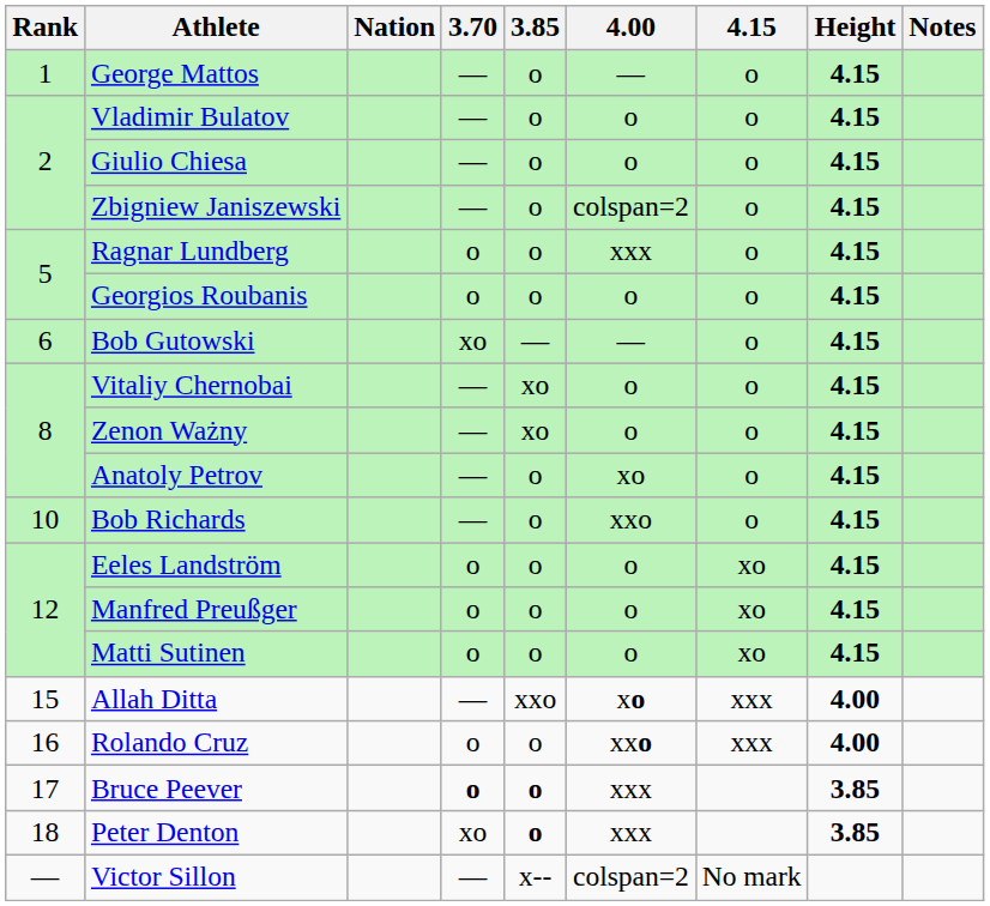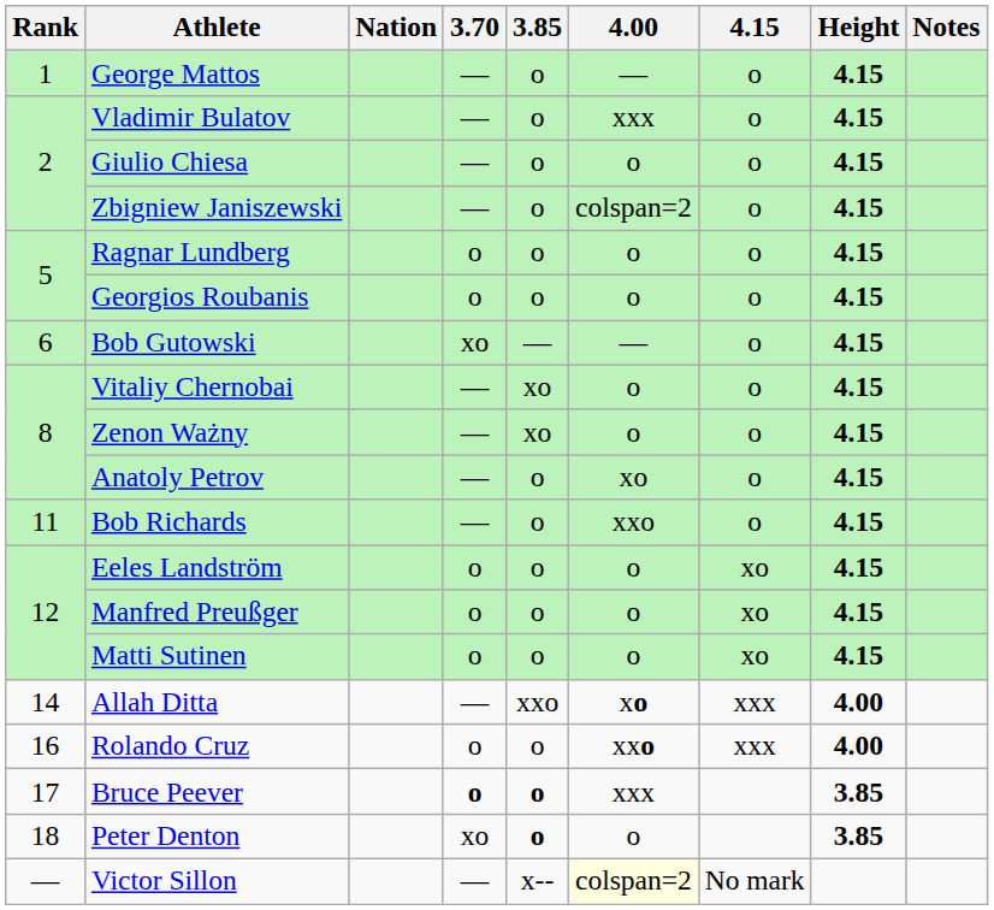 <table class="wikitable sortable" style="text-align:center">
 <tr>
 <th>Rank</th>
 <th>Athlete</th>
 <th>Nation</th>
 <th>3.70</th>
 <th>3.85</th>
 <th>4.00</th>
 <th>4.15</th>
 <th>Height</th>
 <th>Notes</th>
 </tr>
 <tr bgcolor=bbf3bb>
 <td>1</td>
 <td align=left><a href='#'>George Mattos</a></td>
 <td align=left></td>
 <td>—</td>
 <td>o</td>
 <td>—</td>
 <td>o</td>
 <td><strong>4.15</strong></td>
 <td></td>
 </tr>
 <tr bgcolor=bbf3bb>
 <td rowspan=3>2</td>
 <td align=left><a href='#'>Vladimir Bulatov</a></td>
 <td align=left></td>
 <td>—</td>
 <td>o</td>
-<td>o</td>
+<td>xxx</td>
 <td>o</td>
 <td><strong>4.15</strong></td>
 <td></td>
 </tr>
 <tr bgcolor=bbf3bb>
 <td align=left><a href='#'>Giulio Chiesa</a></td>
 <td align=left></td>
 <td>—</td>
 <td>o</td>
 <td>o</td>
 <td>o</td>
 <td><strong>4.15</strong></td>
 <td></td>
 </tr>
 <tr bgcolor=bbf3bb>
 <td align=left><a href='#'>Zbigniew Janiszewski</a></td>
 <td align=left></td>
 <td>—</td>
 <td>o</td>
 <td>colspan=2 </td>
 <td>o</td>
 <td><strong>4.15</strong></td>
 <td></td>
 </tr>
 <tr bgcolor=bbf3bb>
 <td rowspan=2>5</td>
 <td align=left><a href='#'>Ragnar Lundberg</a></td>
 <td align=left></td>
 <td>o</td>
 <td>o</td>
-<td>xxx</td>
+<td>o</td>
 <td>o</td>
 <td><strong>4.15</strong></td>
 <td></td>
 </tr>
 <tr bgcolor=bbf3bb>
 <td align=left><a href='#'>Georgios Roubanis</a></td>
 <td align=left></td>
 <td>o</td>
 <td>o</td>
 <td>o</td>
 <td>o</td>
 <td><strong>4.15</strong></td>
 <td></td>
 </tr>
 <tr bgcolor=bbf3bb>
 <td>6</td>
 <td align=left><a href='#'>Bob Gutowski</a></td>
 <td align=left></td>
 <td>xo</td>
 <td>—</td>
 <td>—</td>
 <td>o</td>
 <td><strong>4.15</strong></td>
 <td></td>
 </tr>
 <tr bgcolor=bbf3bb>
 <td rowspan=3>8</td>
 <td align=left><a href='#'>Vitaliy Chernobai</a></td>
 <td align=left></td>
 <td>—</td>
 <td>xo</td>
 <td>o</td>
 <td>o</td>
 <td><strong>4.15</strong></td>
 <td></td>
 </tr>
 <tr bgcolor=bbf3bb>
 <td align=left><a href='#'>Zenon Ważny</a></td>
 <td align=left></td>
 <td>—</td>
 <td>xo</td>
 <td>o</td>
 <td>o</td>
 <td><strong>4.15</strong></td>
 <td></td>
 </tr>
 <tr bgcolor=bbf3bb>
 <td align=left><a href='#'>Anatoly Petrov</a></td>
 <td align=left></td>
 <td>—</td>
 <td>o</td>
 <td>xo</td>
 <td>o</td>
 <td><strong>4.15</strong></td>
 <td></td>
 </tr>
 <tr bgcolor=bbf3bb>
-<td>10</td>
+<td>11</td>
 <td align=left><a href='#'>Bob Richards</a></td>
 <td align=left></td>
 <td>—</td>
 <td>o</td>
 <td>xxo</td>
 <td>o</td>
 <td><strong>4.15</strong></td>
 <td></td>
 </tr>
 <tr bgcolor=bbf3bb>
 <td rowspan=3>12</td>
 <td align=left><a href='#'>Eeles Landström</a></td>
 <td align=left></td>
 <td>o</td>
 <td>o</td>
 <td>o</td>
 <td>xo</td>
 <td><strong>4.15</strong></td>
 <td></td>
 </tr>
 <tr bgcolor=bbf3bb>
 <td align=left><a href='#'>Manfred Preußger</a></td>
 <td align=left></td>
 <td>o</td>
 <td>o</td>
 <td>o</td>
 <td>xo</td>
 <td><strong>4.15</strong></td>
 <td></td>
 </tr>
 <tr bgcolor=bbf3bb>
 <td align=left><a href='#'>Matti Sutinen</a></td>
 <td align=left></td>
 <td>o</td>
 <td>o</td>
 <td>o</td>
 <td>xo</td>
 <td><strong>4.15</strong></td>
 <td></td>
 </tr>
 <tr>
-<td>15</td>
+<td>14</td>
 <td align=left><a href='#'>Allah Ditta</a></td>
 <td align=left></td>
 <td>—</td>
 <td>xxo</td>
 <td>x<strong>o</strong></td>
 <td>xxx</td>
 <td><strong>4.00</strong></td>
 <td></td>
 </tr>
 <tr>
 <td>16</td>
 <td align=left><a href='#'>Rolando Cruz</a></td>
 <td align=left></td>
 <td>o</td>
 <td>o</td>
 <td>xx<strong>o</strong></td>
 <td>xxx</td>
 <td><strong>4.00</strong></td>
 <td></td>
 </tr>
 <tr>
 <td>17</td>
 <td align=left><a href='#'>Bruce Peever</a></td>
 <td align=left></td>
 <td><strong>o</strong></td>
 <td><strong>o</strong></td>
 <td>xxx</td>
 <td></td>
 <td><strong>3.85</strong></td>
 <td></td>
 </tr>
 <tr>
 <td>18</td>
 <td align=left><a href='#'>Peter Denton</a></td>
 <td align=left></td>
 <td>xo</td>
 <td><strong>o</strong></td>
-<td>xxx</td>
+<td>o</td>
 <td></td>
 <td><strong>3.85</strong></td>
 <td></td>
 </tr>
 <tr>
 <td data-sort-value=19>—</td>
 <td align=left><a href='#'>Victor Sillon</a></td>
 <td align=left></td>
 <td>—</td>
 <td>x--</td>
-<td>colspan=2 </td>
+<td style="background: lightyellow;">colspan=2 </td>
 <td data-sort-value=1.00>No mark</td>
 <td></td>
 </tr>
 </table>
